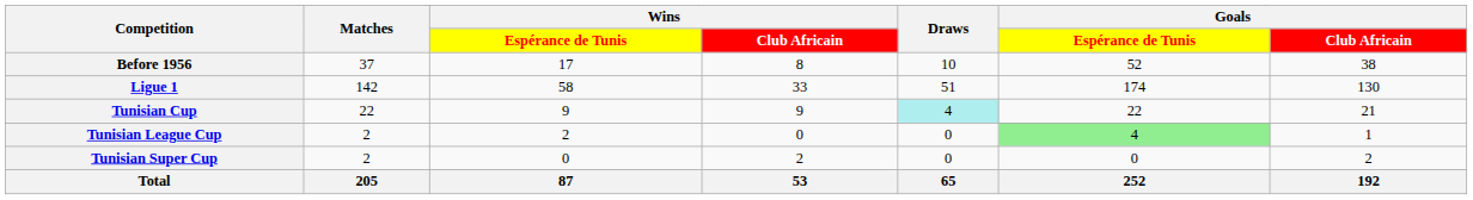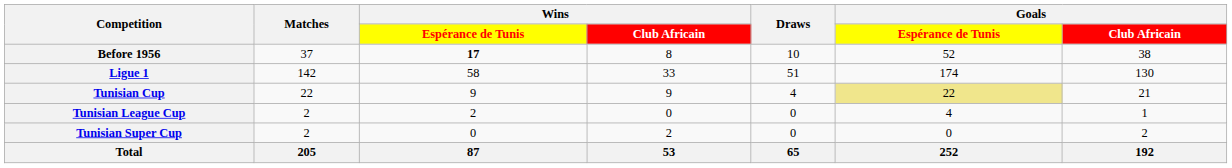 <table class="wikitable" style="font-size:99%; width: 99%; text-align: center;">
 <tr>
 <th rowspan="2">Competition</th>
 <th rowspan="2">Matches</th>
 <th colspan="2">Wins</th>
 <th rowspan="2">Draws</th>
 <th colspan="2">Goals</th>
 </tr>
 <tr>
 <th style="color:#ff0000; background:#ffff00;">Espérance de Tunis</th>
 <th style="color:#fff; background:#ff0000;">Club Africain</th>
 <th style="color:#ff0000; background:#ffff00;">Espérance de Tunis</th>
 <th style="color:#fff; background:#ff0000;">Club Africain</th>
 </tr>
 <tr>
 <th>Before 1956</th>
 <td>37</td>
-<td>17</td>
+<td><strong>17</strong></td>
 <td>8</td>
 <td>10</td>
 <td>52</td>
 <td>38</td>
 </tr>
 <tr>
 <th><a href='#'>Ligue 1</a></th>
 <td>142</td>
 <td>58</td>
 <td>33</td>
 <td>51</td>
 <td>174</td>
 <td>130</td>
 </tr>
 <tr>
 <th><a href='#'>Tunisian Cup</a></th>
 <td>22</td>
 <td>9</td>
 <td>9</td>
-<td style="background: paleturquoise;">4</td>
-<td>22</td>
+<td>4</td>
+<td style="background: khaki;">22</td>
 <td>21</td>
 </tr>
 <tr>
 <th><a href='#'>Tunisian League Cup</a></th>
 <td>2</td>
 <td>2</td>
 <td>0</td>
 <td>0</td>
-<td style="background: lightgreen;">4</td>
+<td>4</td>
 <td>1</td>
 </tr>
 <tr>
 <th><a href='#'>Tunisian Super Cup</a></th>
 <td>2</td>
 <td>0</td>
 <td>2</td>
 <td>0</td>
 <td>0</td>
 <td>2</td>
 </tr>
 <tr>
 <th>Total</th>
 <th>205</th>
 <th>87</th>
 <th>53</th>
 <th>65</th>
 <th>252</th>
 <th>192</th>
 </tr>
 </table>
